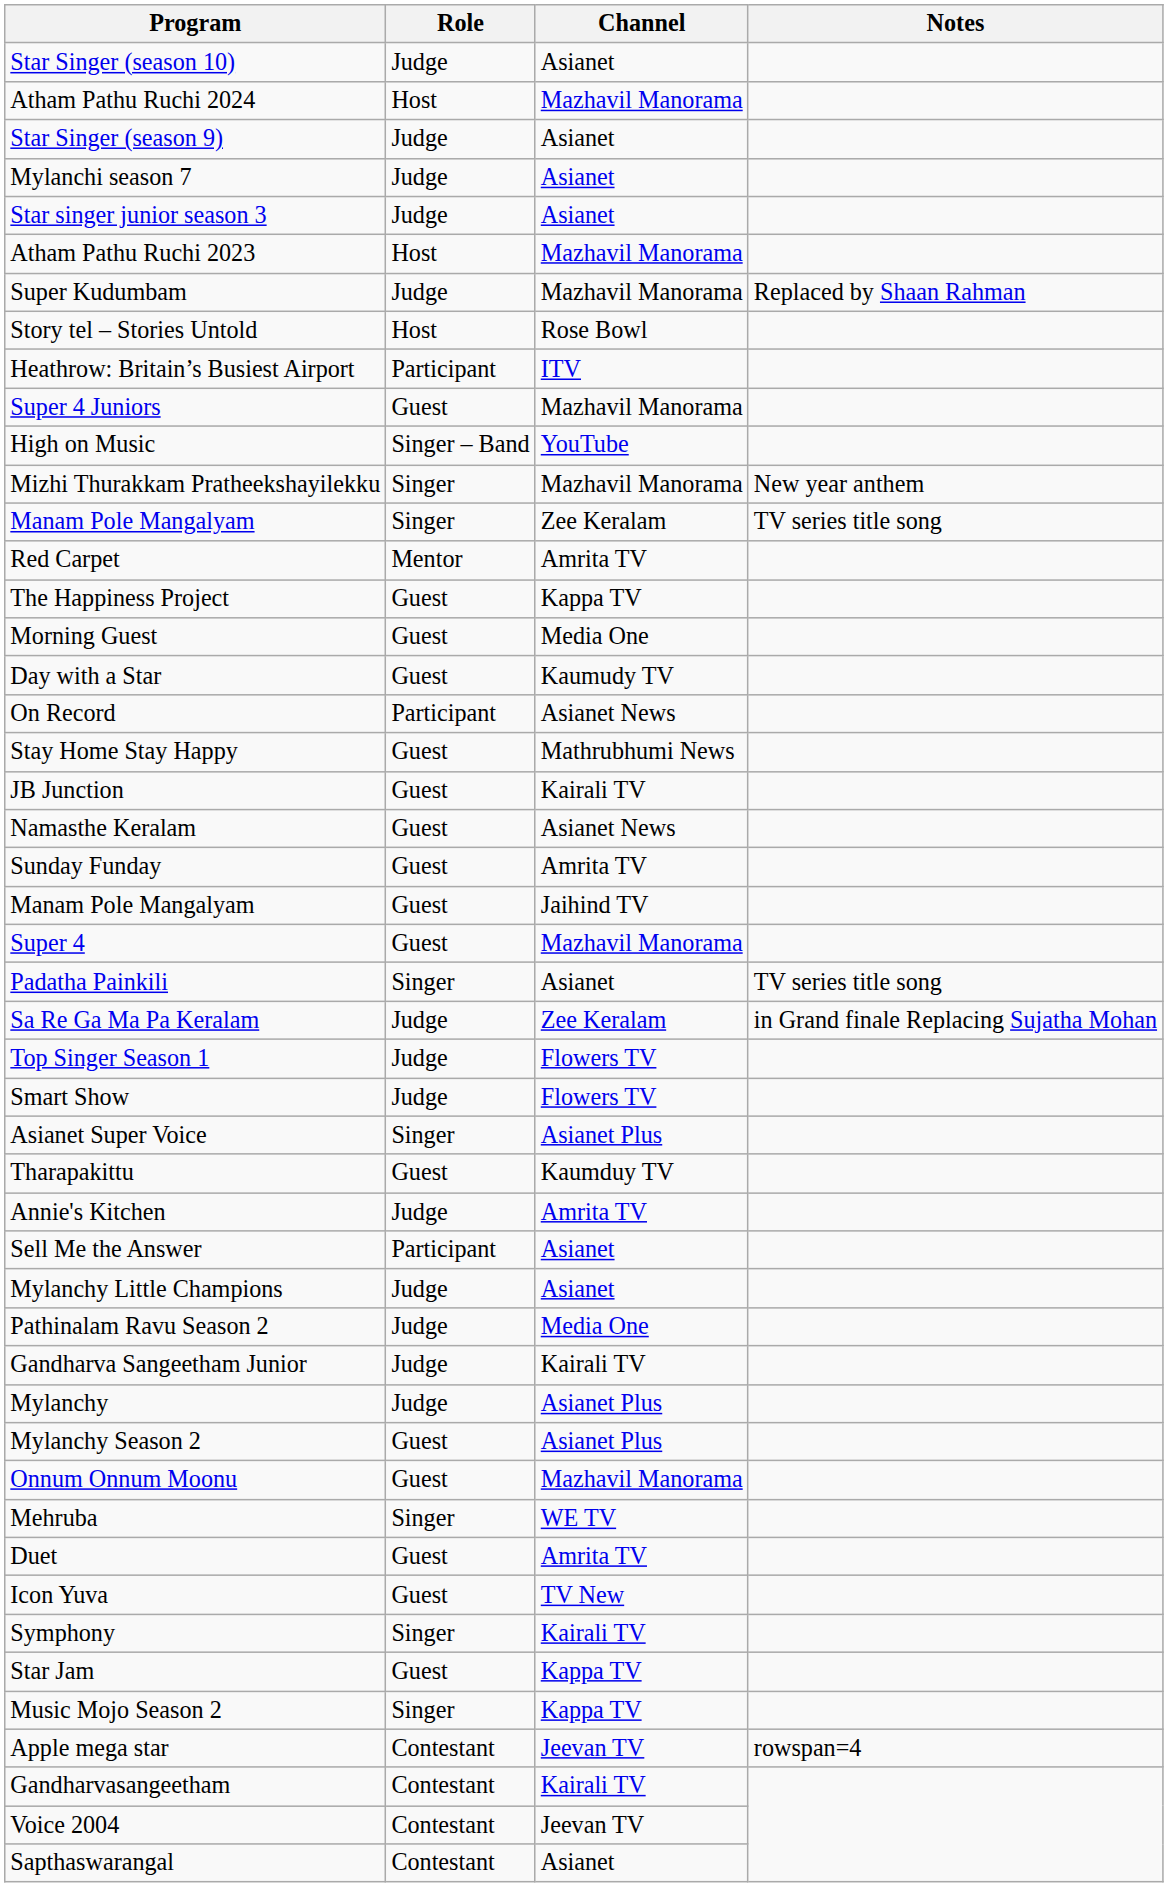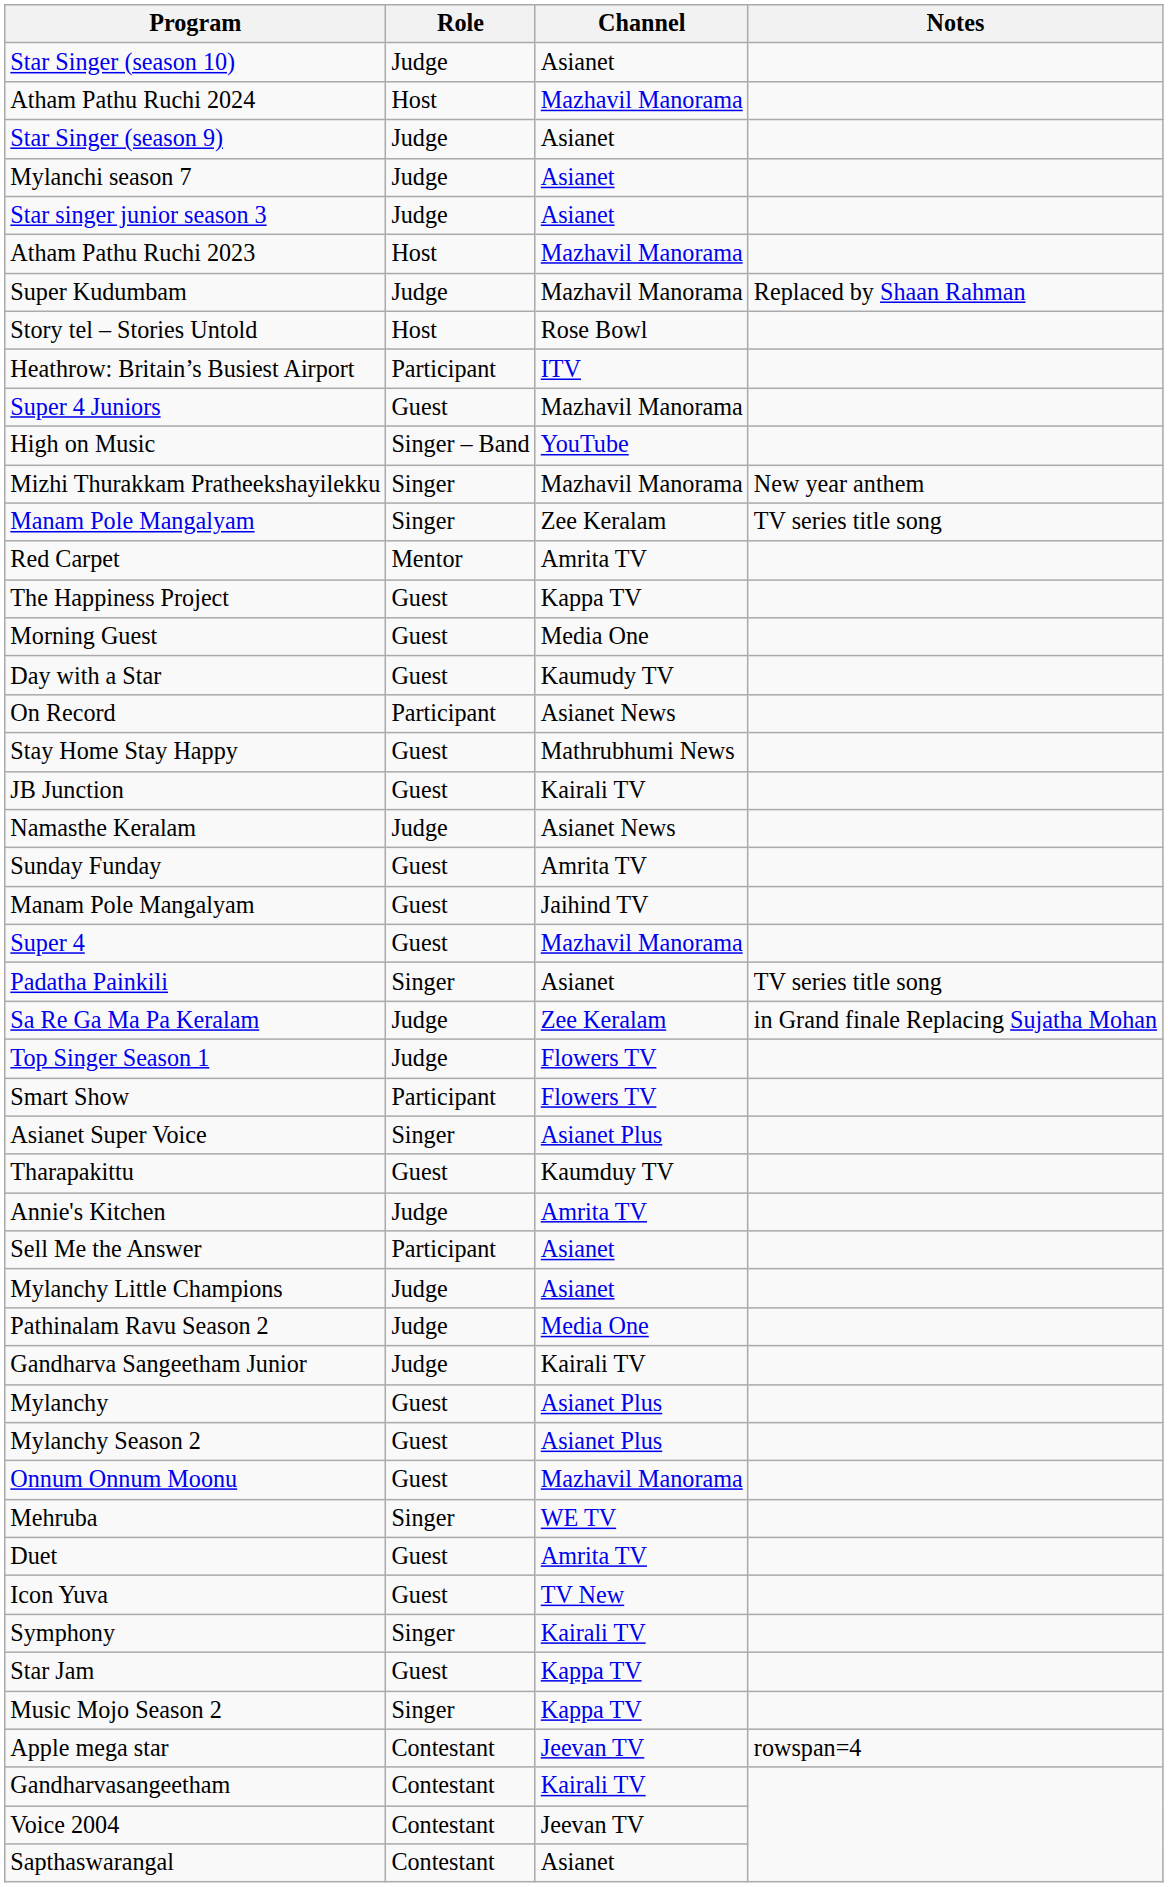 <table class = "sortable wikitable">
 <tr>
 <th>Program</th>
 <th>Role</th>
 <th>Channel</th>
 <th>Notes</th>
 </tr>
 <tr>
 <td><a href='#'>Star Singer (season 10)</a></td>
 <td>Judge</td>
 <td>Asianet</td>
 <td></td>
 </tr>
 <tr>
 <td>Atham Pathu Ruchi 2024</td>
 <td>Host</td>
 <td><a href='#'>Mazhavil Manorama</a></td>
 <td></td>
 </tr>
 <tr>
 <td><a href='#'>Star Singer (season 9)</a></td>
 <td>Judge</td>
 <td>Asianet</td>
 <td></td>
 </tr>
 <tr>
 <td>Mylanchi season 7</td>
 <td>Judge</td>
 <td><a href='#'>Asianet</a></td>
 <td></td>
 </tr>
 <tr>
 <td><a href='#'>Star singer junior season 3</a></td>
 <td>Judge</td>
 <td><a href='#'>Asianet</a></td>
 <td></td>
 </tr>
 <tr>
 <td>Atham Pathu Ruchi 2023</td>
 <td>Host</td>
 <td><a href='#'>Mazhavil Manorama</a></td>
 <td></td>
 </tr>
 <tr>
 <td>Super Kudumbam</td>
 <td>Judge</td>
 <td>Mazhavil Manorama</td>
 <td>Replaced by <a href='#'>Shaan Rahman</a></td>
 </tr>
 <tr>
 <td>Story tel – Stories Untold</td>
 <td>Host</td>
 <td>Rose Bowl</td>
 <td></td>
 </tr>
 <tr>
 <td>Heathrow: Britain’s Busiest Airport</td>
 <td>Participant</td>
 <td><a href='#'>ITV</a></td>
 <td></td>
 </tr>
 <tr>
 <td><a href='#'>Super 4 Juniors</a></td>
 <td>Guest</td>
 <td>Mazhavil Manorama</td>
 <td></td>
 </tr>
 <tr>
 <td>High on Music</td>
 <td>Singer – Band</td>
 <td><a href='#'>YouTube</a></td>
 <td></td>
 </tr>
 <tr>
 <td>Mizhi Thurakkam Pratheekshayilekku</td>
 <td>Singer</td>
 <td>Mazhavil Manorama</td>
 <td>New year anthem</td>
 </tr>
 <tr>
 <td><a href='#'>Manam Pole Mangalyam</a></td>
 <td>Singer</td>
 <td>Zee Keralam</td>
 <td>TV series title song</td>
 </tr>
 <tr>
 <td>Red Carpet</td>
 <td>Mentor</td>
 <td>Amrita TV</td>
 <td></td>
 </tr>
 <tr>
 <td>The Happiness Project</td>
 <td>Guest</td>
 <td>Kappa TV</td>
 <td></td>
 </tr>
 <tr>
 <td>Morning Guest</td>
 <td>Guest</td>
 <td>Media One</td>
 <td></td>
 </tr>
 <tr>
 <td>Day with a Star</td>
 <td>Guest</td>
 <td>Kaumudy TV</td>
 <td></td>
 </tr>
 <tr>
 <td>On Record</td>
 <td>Participant</td>
 <td>Asianet News</td>
 <td></td>
 </tr>
 <tr>
 <td>Stay Home Stay Happy</td>
 <td>Guest</td>
 <td>Mathrubhumi News</td>
 <td></td>
 </tr>
 <tr>
 <td>JB Junction</td>
 <td>Guest</td>
 <td>Kairali TV</td>
 <td></td>
 </tr>
 <tr>
 <td>Namasthe Keralam</td>
-<td>Guest</td>
+<td>Judge</td>
 <td>Asianet News</td>
 <td></td>
 </tr>
 <tr>
 <td>Sunday Funday</td>
 <td>Guest</td>
 <td>Amrita TV</td>
 <td></td>
 </tr>
 <tr>
 <td>Manam Pole Mangalyam</td>
 <td>Guest</td>
 <td>Jaihind TV</td>
 <td></td>
 </tr>
 <tr>
 <td><a href='#'>Super 4</a></td>
 <td>Guest</td>
 <td><a href='#'>Mazhavil Manorama</a></td>
 <td></td>
 </tr>
 <tr>
 <td><a href='#'>Padatha Painkili</a></td>
 <td>Singer</td>
 <td>Asianet</td>
 <td>TV series title song</td>
 </tr>
 <tr>
 <td><a href='#'>Sa Re Ga Ma Pa Keralam</a></td>
 <td>Judge</td>
 <td><a href='#'>Zee Keralam</a></td>
 <td>in Grand finale Replacing <a href='#'>Sujatha Mohan</a></td>
 </tr>
 <tr>
 <td><a href='#'>Top Singer Season 1</a></td>
 <td>Judge</td>
 <td><a href='#'>Flowers TV</a></td>
 <td></td>
 </tr>
 <tr>
 <td>Smart Show</td>
-<td>Judge</td>
+<td>Participant</td>
 <td><a href='#'>Flowers TV</a></td>
 <td></td>
 </tr>
 <tr>
 <td>Asianet Super Voice</td>
 <td>Singer</td>
 <td><a href='#'>Asianet Plus</a></td>
 <td></td>
 </tr>
 <tr>
 <td>Tharapakittu</td>
 <td>Guest</td>
 <td>Kaumduy TV</td>
 <td></td>
 </tr>
 <tr>
 <td>Annie's Kitchen</td>
 <td>Judge</td>
 <td><a href='#'>Amrita TV</a></td>
 <td></td>
 </tr>
 <tr>
 <td>Sell Me the Answer</td>
 <td>Participant</td>
 <td><a href='#'>Asianet</a></td>
 <td></td>
 </tr>
 <tr>
 <td>Mylanchy Little Champions</td>
 <td>Judge</td>
 <td><a href='#'>Asianet</a></td>
 <td></td>
 </tr>
 <tr>
 <td>Pathinalam Ravu Season 2</td>
 <td>Judge</td>
 <td><a href='#'>Media One</a></td>
 <td></td>
 </tr>
 <tr>
 <td>Gandharva Sangeetham Junior</td>
 <td>Judge</td>
 <td>Kairali TV</td>
 <td></td>
 </tr>
 <tr>
 <td>Mylanchy</td>
-<td>Judge</td>
+<td>Guest</td>
 <td><a href='#'>Asianet Plus</a></td>
 <td></td>
 </tr>
 <tr>
 <td>Mylanchy Season 2</td>
 <td>Guest</td>
 <td><a href='#'>Asianet Plus</a></td>
 <td></td>
 </tr>
 <tr>
 <td><a href='#'>Onnum Onnum Moonu</a></td>
 <td>Guest</td>
 <td><a href='#'>Mazhavil Manorama</a></td>
 <td></td>
 </tr>
 <tr>
 <td>Mehruba</td>
 <td>Singer</td>
 <td><a href='#'>WE TV</a></td>
 <td></td>
 </tr>
 <tr>
 <td>Duet</td>
 <td>Guest</td>
 <td><a href='#'>Amrita TV</a></td>
 <td></td>
 </tr>
 <tr>
 <td>Icon Yuva</td>
 <td>Guest</td>
 <td><a href='#'>TV New</a></td>
 <td></td>
 </tr>
 <tr>
 <td>Symphony</td>
 <td>Singer</td>
 <td><a href='#'>Kairali TV</a></td>
 <td></td>
 </tr>
 <tr>
 <td>Star Jam</td>
 <td>Guest</td>
 <td><a href='#'>Kappa TV</a></td>
 <td></td>
 </tr>
 <tr>
 <td>Music Mojo Season 2</td>
 <td>Singer</td>
 <td><a href='#'>Kappa TV</a></td>
 <td></td>
 </tr>
 <tr>
 <td>Apple mega star</td>
 <td>Contestant</td>
 <td><a href='#'>Jeevan TV</a></td>
 <td>rowspan=4 </td>
 </tr>
 <tr>
 <td>Gandharvasangeetham</td>
 <td>Contestant</td>
 <td><a href='#'>Kairali TV</a></td>
 </tr>
 <tr>
 <td>Voice 2004</td>
 <td>Contestant</td>
 <td>Jeevan TV</td>
 </tr>
 <tr>
 <td>Sapthaswarangal</td>
 <td>Contestant</td>
 <td>Asianet</td>
 </tr>
 </table>
